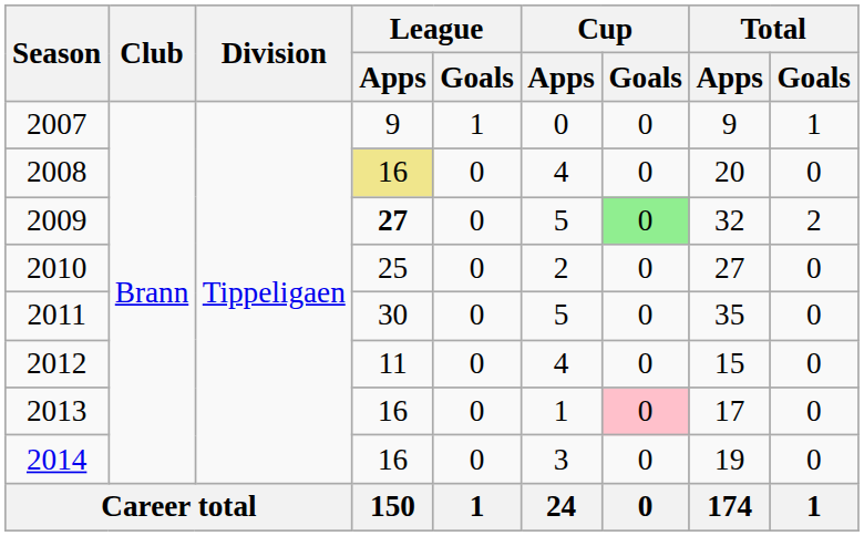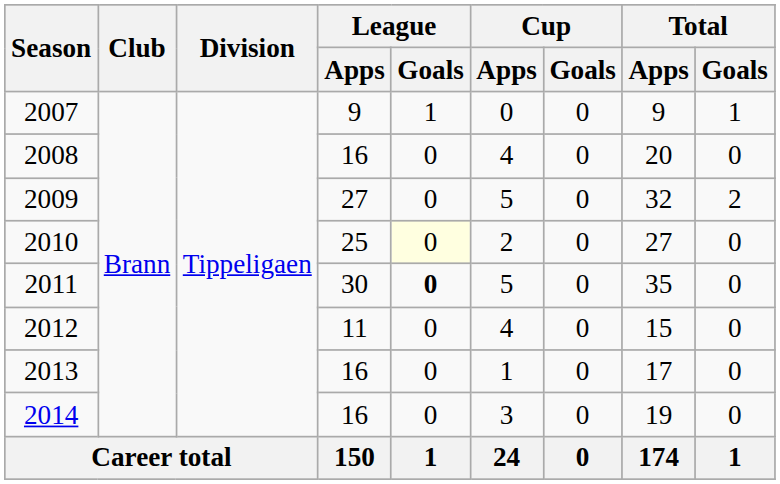 <table class="wikitable" style="text-align: center;">
 <tr>
 <th rowspan="2">Season</th>
 <th rowspan="2">Club</th>
 <th rowspan="2">Division</th>
 <th colspan="2">League</th>
 <th colspan="2">Cup</th>
 <th colspan="2">Total</th>
 </tr>
 <tr>
 <th>Apps</th>
 <th>Goals</th>
 <th>Apps</th>
 <th>Goals</th>
 <th>Apps</th>
 <th>Goals</th>
 </tr>
 <tr>
 <td>2007</td>
 <td rowspan="8"><a href='#'>Brann</a></td>
 <td rowspan="8"><a href='#'>Tippeligaen</a></td>
 <td>9</td>
 <td>1</td>
 <td>0</td>
 <td>0</td>
 <td>9</td>
 <td>1</td>
 </tr>
 <tr>
 <td>2008</td>
-<td style="background: khaki;">16</td>
+<td>16</td>
 <td>0</td>
 <td>4</td>
 <td>0</td>
 <td>20</td>
 <td>0</td>
 </tr>
 <tr>
 <td>2009</td>
-<td><strong>27</strong></td>
+<td>27</td>
 <td>0</td>
 <td>5</td>
-<td style="background: lightgreen;">0</td>
+<td>0</td>
 <td>32</td>
 <td>2</td>
 </tr>
 <tr>
 <td>2010</td>
 <td>25</td>
-<td>0</td>
+<td style="background: lightyellow;">0</td>
 <td>2</td>
 <td>0</td>
 <td>27</td>
 <td>0</td>
 </tr>
 <tr>
 <td>2011</td>
 <td>30</td>
-<td>0</td>
+<td><strong>0</strong></td>
 <td>5</td>
 <td>0</td>
 <td>35</td>
 <td>0</td>
 </tr>
 <tr>
 <td>2012</td>
 <td>11</td>
 <td>0</td>
 <td>4</td>
 <td>0</td>
 <td>15</td>
 <td>0</td>
 </tr>
 <tr>
 <td>2013</td>
 <td>16</td>
 <td>0</td>
 <td>1</td>
-<td style="background: pink;">0</td>
+<td>0</td>
 <td>17</td>
 <td>0</td>
 </tr>
 <tr>
 <td><a href='#'>2014</a></td>
 <td>16</td>
 <td>0</td>
 <td>3</td>
 <td>0</td>
 <td>19</td>
 <td>0</td>
 </tr>
 <tr>
 <th colspan="3">Career total</th>
 <th>150</th>
 <th>1</th>
 <th>24</th>
 <th>0</th>
 <th>174</th>
 <th>1</th>
 </tr>
 </table>
